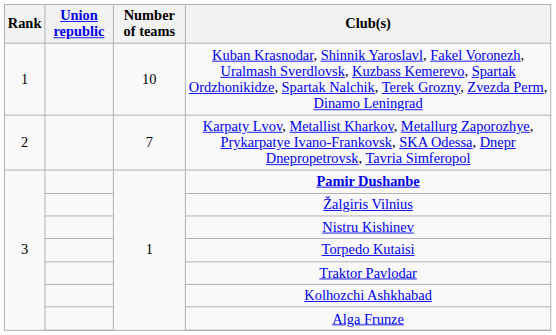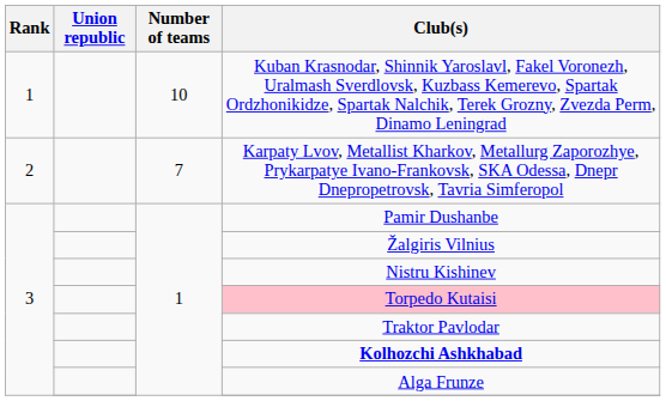 <table class="wikitable">
 <tr>
 <th>Rank</th>
 <th><a href='#'>Union republic</a></th>
 <th>Number of teams</th>
 <th>Club(s)</th>
 </tr>
 <tr>
 <td align="center">1</td>
 <td></td>
 <td align="center">10</td>
 <td align="center"><a href='#'>Kuban Krasnodar</a>, <a href='#'>Shinnik Yaroslavl</a>, <a href='#'>Fakel Voronezh</a>, <a href='#'>Uralmash Sverdlovsk</a>, <a href='#'>Kuzbass Kemerevo</a>, <a href='#'>Spartak Ordzhonikidze</a>, <a href='#'>Spartak Nalchik</a>, <a href='#'>Terek Grozny</a>, <a href='#'>Zvezda Perm</a>, <a href='#'>Dinamo Leningrad</a></td>
 </tr>
 <tr>
 <td align="center">2</td>
 <td></td>
 <td align="center">7</td>
 <td align="center"><a href='#'>Karpaty Lvov</a>, <a href='#'>Metallist Kharkov</a>, <a href='#'>Metallurg Zaporozhye</a>, <a href='#'>Prykarpatye Ivano-Frankovsk</a>, <a href='#'>SKA Odessa</a>, <a href='#'>Dnepr Dnepropetrovsk</a>, <a href='#'>Tavria Simferopol</a></td>
 </tr>
 <tr>
 <td align="center" rowspan=10>3</td>
 <td></td>
 <td align="center" rowspan=10>1</td>
-<td align="center"><strong><a href='#'>Pamir Dushanbe</a></strong></td>
+<td align="center"><a href='#'>Pamir Dushanbe</a></td>
 </tr>
 <tr>
 <td></td>
 <td align="center"><a href='#'>Žalgiris Vilnius</a></td>
 </tr>
 <tr>
 <td></td>
 <td align="center"><a href='#'>Nistru Kishinev</a></td>
 </tr>
 <tr>
 <td></td>
-<td align="center"><a href='#'>Torpedo Kutaisi</a></td>
+<td align="center" style="background: pink;"><a href='#'>Torpedo Kutaisi</a></td>
 </tr>
 <tr>
 <td></td>
 <td align="center"><a href='#'>Traktor Pavlodar</a></td>
 </tr>
 <tr>
 <td></td>
-<td align="center"><a href='#'>Kolhozchi Ashkhabad</a></td>
+<td align="center"><strong><a href='#'>Kolhozchi Ashkhabad</a></strong></td>
 </tr>
 <tr>
 <td></td>
 <td align="center"><a href='#'>Alga Frunze</a></td>
 </tr>
 <tr>
 </tr>
 </table>
